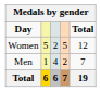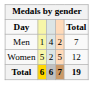 <table class="wikitable" style="font-size:85%; float:right">
 <tr align=center>
 <th colspan=5>Medals by gender</th>
 </tr>
 <tr align=center>
 <td><strong>Day</strong></td>
 <td bgcolor=#f7f6a8></td>
 <td bgcolor=#dce5e5></td>
 <td bgcolor=#ffdab9></td>
 <td><strong>Total</strong></td>
 </tr>
 <tr align=center>
+<td>Men</td>
+<td bgcolor=#f7f6a8>1</td>
+<td bgcolor=#dce5e5>4</td>
+<td bgcolor=#ffdab9>2</td>
+<td>7</td>
+</tr>
+<tr align=center>
 <td>Women</td>
 <td bgcolor=#f7f6a8>5</td>
 <td bgcolor=#dce5e5>2</td>
 <td bgcolor=#ffdab9>5</td>
 <td>12</td>
-</tr>
-<tr align=center>
-<td>Men</td>
-<td bgcolor=#f7f6a8>1</td>
-<td bgcolor=#dce5e5>4</td>
-<td bgcolor=#ffdab9>2</td>
-<td>7</td>
 </tr>
 <tr align=center>
 <th bgcolor=#efefef>Total</th>
 <th style="background:gold;">6</th>
 <th style="background:silver;">6</th>
 <th style="background:#c96;">7</th>
 <th>19</th>
 </tr>
 </table>
